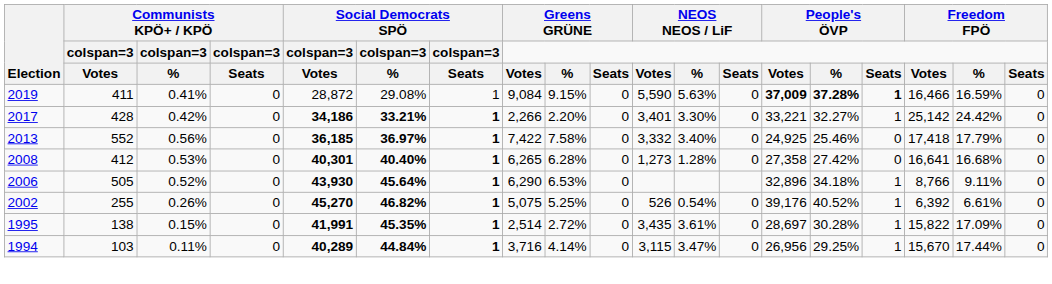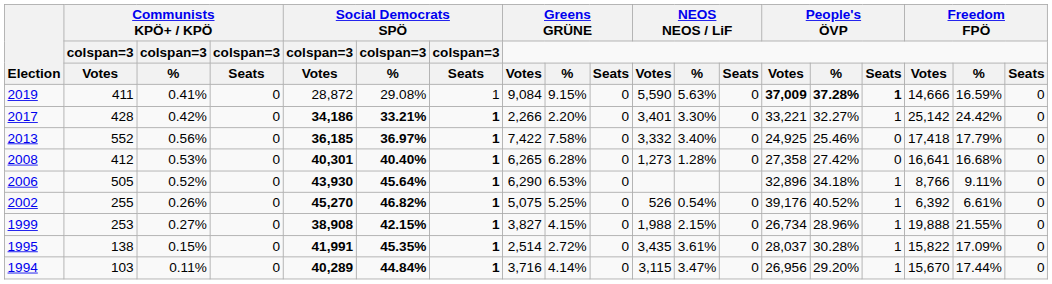 <table class="wikitable" border="1" style="font-size:100%; text-align:right;">
 <tr>
 <th style="text-align:left;" valign=bottom rowspan=3>Election</th>
 <th valign=bottom colspan=3><a href='#'>Communists</a><br>KPÖ+ / KPÖ</th>
 <th valign=bottom colspan=3><a href='#'>Social Democrats</a><br>SPÖ</th>
 <th valign=bottom colspan=3><a href='#'>Greens</a><br>GRÜNE</th>
 <th valign=bottom colspan=3><a href='#'>NEOS</a><br>NEOS / LiF</th>
 <th valign=bottom colspan=3><a href='#'>People's</a><br>ÖVP</th>
 <th valign=bottom colspan=3><a href='#'>Freedom</a><br>FPÖ</th>
 </tr>
 <tr>
 <th>colspan=3 </th>
 <th>colspan=3 </th>
 <th>colspan=3 </th>
 <th>colspan=3 </th>
 <th>colspan=3 </th>
 <th>colspan=3 </th>
 </tr>
 <tr>
 <th>Votes</th>
 <th>%</th>
 <th>Seats</th>
 <th>Votes</th>
 <th>%</th>
 <th>Seats</th>
 <th>Votes</th>
 <th>%</th>
 <th>Seats</th>
 <th>Votes</th>
 <th>%</th>
 <th>Seats</th>
 <th>Votes</th>
 <th>%</th>
 <th>Seats</th>
 <th>Votes</th>
 <th>%</th>
 <th>Seats</th>
 </tr>
 <tr>
 <td align=left><a href='#'>2019</a></td>
 <td>411</td>
 <td>0.41%</td>
 <td>0</td>
 <td>28,872</td>
 <td>29.08%</td>
 <td>1</td>
 <td>9,084</td>
 <td>9.15%</td>
 <td>0</td>
 <td>5,590</td>
 <td>5.63%</td>
 <td>0</td>
 <td><strong>37,009</strong></td>
 <td><strong>37.28%</strong></td>
 <td><strong>1</strong></td>
-<td>16,466</td>
+<td>14,666</td>
 <td>16.59%</td>
 <td>0</td>
 </tr>
 <tr>
 <td align=left><a href='#'>2017</a></td>
 <td>428</td>
 <td>0.42%</td>
 <td>0</td>
 <td><strong>34,186</strong></td>
 <td><strong>33.21%</strong></td>
 <td><strong>1</strong></td>
 <td>2,266</td>
 <td>2.20%</td>
 <td>0</td>
 <td>3,401</td>
 <td>3.30%</td>
 <td>0</td>
 <td>33,221</td>
 <td>32.27%</td>
 <td>1</td>
 <td>25,142</td>
 <td>24.42%</td>
 <td>0</td>
 </tr>
 <tr>
 <td align=left><a href='#'>2013</a></td>
 <td>552</td>
 <td>0.56%</td>
 <td>0</td>
 <td><strong>36,185</strong></td>
 <td><strong>36.97%</strong></td>
 <td><strong>1</strong></td>
 <td>7,422</td>
 <td>7.58%</td>
 <td>0</td>
 <td>3,332</td>
 <td>3.40%</td>
 <td>0</td>
 <td>24,925</td>
 <td>25.46%</td>
 <td>0</td>
 <td>17,418</td>
 <td>17.79%</td>
 <td>0</td>
 </tr>
 <tr>
 <td align=left><a href='#'>2008</a></td>
 <td>412</td>
 <td>0.53%</td>
 <td>0</td>
 <td><strong>40,301</strong></td>
 <td><strong>40.40%</strong></td>
 <td><strong>1</strong></td>
 <td>6,265</td>
 <td>6.28%</td>
 <td>0</td>
 <td>1,273</td>
 <td>1.28%</td>
 <td>0</td>
 <td>27,358</td>
 <td>27.42%</td>
 <td>0</td>
 <td>16,641</td>
 <td>16.68%</td>
 <td>0</td>
 </tr>
 <tr>
 <td align=left><a href='#'>2006</a></td>
 <td>505</td>
 <td>0.52%</td>
 <td>0</td>
 <td><strong>43,930</strong></td>
 <td><strong>45.64%</strong></td>
 <td><strong>1</strong></td>
 <td>6,290</td>
 <td>6.53%</td>
 <td>0</td>
 <td></td>
 <td></td>
 <td></td>
 <td>32,896</td>
 <td>34.18%</td>
 <td>1</td>
 <td>8,766</td>
 <td>9.11%</td>
 <td>0</td>
 </tr>
 <tr>
 <td align=left><a href='#'>2002</a></td>
 <td>255</td>
 <td>0.26%</td>
 <td>0</td>
 <td><strong>45,270</strong></td>
 <td><strong>46.82%</strong></td>
 <td><strong>1</strong></td>
 <td>5,075</td>
 <td>5.25%</td>
 <td>0</td>
 <td>526</td>
 <td>0.54%</td>
 <td>0</td>
 <td>39,176</td>
 <td>40.52%</td>
 <td>1</td>
 <td>6,392</td>
 <td>6.61%</td>
 <td>0</td>
 </tr>
 <tr>
+<td align=left><a href='#'>1999</a></td>
+<td>253</td>
+<td>0.27%</td>
+<td>0</td>
+<td><strong>38,908</strong></td>
+<td><strong>42.15%</strong></td>
+<td><strong>1</strong></td>
+<td>3,827</td>
+<td>4.15%</td>
+<td>0</td>
+<td>1,988</td>
+<td>2.15%</td>
+<td>0</td>
+<td>26,734</td>
+<td>28.96%</td>
+<td>1</td>
+<td>19,888</td>
+<td>21.55%</td>
+<td>0</td>
+</tr>
+<tr>
 <td align=left><a href='#'>1995</a></td>
 <td>138</td>
 <td>0.15%</td>
 <td>0</td>
 <td><strong>41,991</strong></td>
 <td><strong>45.35%</strong></td>
 <td><strong>1</strong></td>
 <td>2,514</td>
 <td>2.72%</td>
 <td>0</td>
 <td>3,435</td>
 <td>3.61%</td>
 <td>0</td>
-<td>28,697</td>
+<td>28,037</td>
 <td>30.28%</td>
 <td>1</td>
 <td>15,822</td>
 <td>17.09%</td>
 <td>0</td>
 </tr>
 <tr>
 <td align=left><a href='#'>1994</a></td>
 <td>103</td>
 <td>0.11%</td>
 <td>0</td>
 <td><strong>40,289</strong></td>
 <td><strong>44.84%</strong></td>
 <td><strong>1</strong></td>
 <td>3,716</td>
 <td>4.14%</td>
 <td>0</td>
 <td>3,115</td>
 <td>3.47%</td>
 <td>0</td>
 <td>26,956</td>
-<td>29.25%</td>
+<td>29.20%</td>
 <td>1</td>
 <td>15,670</td>
 <td>17.44%</td>
 <td>0</td>
 </tr>
 </table>
